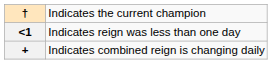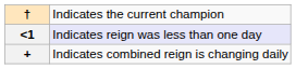 <table class="wikitable">
 <tr>
 <th style="background-color:#ffe6bd" width=50px>†</th>
 <td>Indicates the current champion</td>
 </tr>
 <tr>
 <th><1</th>
-<td>Indicates reign was less than one day</td>
+<td style="background: lavender;">Indicates reign was less than one day</td>
 </tr>
 <tr>
 <th>+</th>
 <td>Indicates combined reign is changing daily</td>
 </tr>
 </table>
